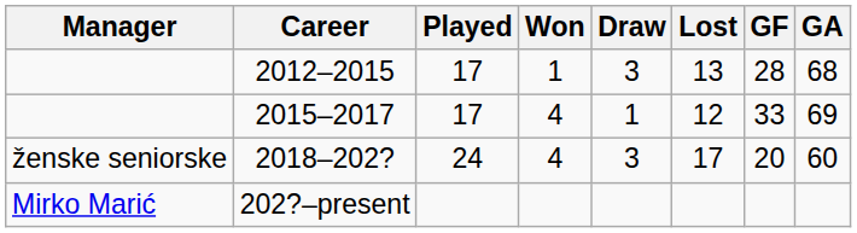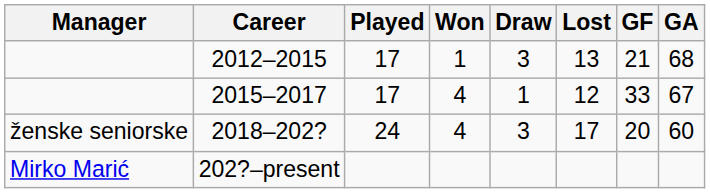 <table class="wikitable sortable" style="text-align: center;">
 <tr>
 <th>Manager</th>
 <th>Career</th>
 <th>Played</th>
 <th>Won</th>
 <th>Draw</th>
 <th>Lost</th>
 <th>GF</th>
 <th>GA</th>
 </tr>
 <tr>
 <td style="text-align: left;"> </td>
 <td>2012–2015</td>
 <td>17</td>
 <td>1</td>
 <td>3</td>
 <td>13</td>
-<td>28</td>
+<td>21</td>
 <td>68</td>
 </tr>
 <tr>
 <td style="text-align: left;"> </td>
 <td>2015–2017</td>
 <td>17</td>
 <td>4</td>
 <td>1</td>
 <td>12</td>
 <td>33</td>
-<td>69</td>
+<td>67</td>
 </tr>
 <tr>
 <td style="text-align: left;">ženske seniorske</td>
 <td>2018–202?</td>
 <td>24</td>
 <td>4</td>
 <td>3</td>
 <td>17</td>
 <td>20</td>
 <td>60</td>
 </tr>
 <tr>
 <td style="text-align: left;"> <a href='#'>Mirko Marić</a></td>
 <td>202?–present</td>
 <td></td>
 <td></td>
 <td></td>
 <td></td>
 <td></td>
 <td></td>
 </tr>
 </table>
